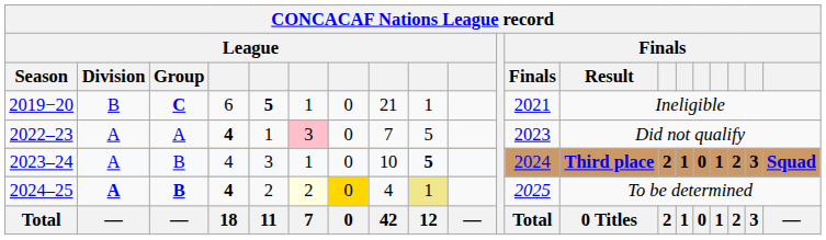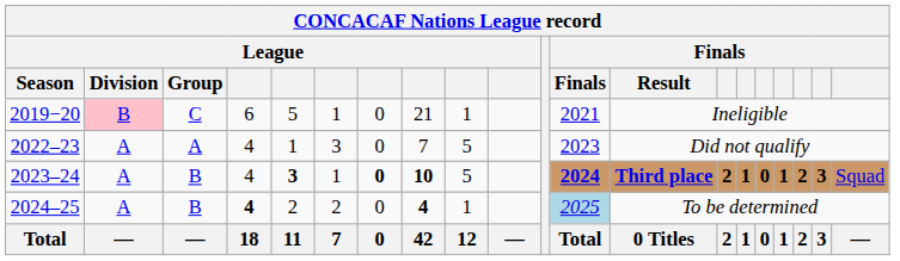 <table class="wikitable" style="text-align: center;">
 <tr>
 <th colspan="20"><a href='#'>CONCACAF Nations League</a> record</th>
 </tr>
 <tr>
 <th colspan="10">League</th>
 <th rowspan="7"></th>
 <th colspan="9">Finals</th>
 </tr>
 <tr>
 <th>Season</th>
 <th>Division</th>
 <th>Group</th>
 <th width="28"></th>
 <th width="28"></th>
 <th width="28"></th>
 <th width="28"></th>
 <th width="28"></th>
 <th width="28"></th>
 <th width="35"></th>
 <th>Finals</th>
 <th>Result</th>
 <th></th>
 <th></th>
 <th></th>
 <th></th>
 <th></th>
 <th></th>
 <th></th>
 </tr>
 <tr>
 <td><a href='#'>2019−20</a></td>
-<td><a href='#'>B</a></td>
-<td><strong><a href='#'>C</a></strong></td>
+<td style="background: pink;"><a href='#'>B</a></td>
+<td><a href='#'>C</a></td>
 <td>6</td>
-<td><strong>5</strong></td>
+<td>5</td>
 <td>1</td>
 <td>0</td>
 <td>21</td>
 <td>1</td>
 <td></td>
 <td> <a href='#'>2021</a></td>
 <td colspan="8"><em>Ineligible</em></td>
 </tr>
 <tr>
 <td><a href='#'>2022–23</a></td>
 <td><a href='#'>A</a></td>
 <td><a href='#'>A</a></td>
-<td><strong>4</strong></td>
+<td>4</td>
 <td>1</td>
-<td style="background: pink;">3</td>
+<td>3</td>
 <td>0</td>
 <td>7</td>
 <td>5</td>
 <td></td>
 <td> <a href='#'>2023</a></td>
 <td colspan="8"><em>Did not qualify</em></td>
 </tr>
 <tr style="background:#c96;">
 <td bgcolor="#f8f9fa"><a href='#'>2023–24</a></td>
 <td bgcolor="#f8f9fa"><a href='#'>A</a></td>
 <td bgcolor="#f8f9fa"><a href='#'>B</a></td>
 <td bgcolor="#f8f9fa">4</td>
-<td bgcolor="#f8f9fa">3</td>
+<td bgcolor="#f8f9fa"><strong>3</strong></td>
 <td bgcolor="#f8f9fa">1</td>
-<td bgcolor="#f8f9fa">0</td>
-<td bgcolor="#f8f9fa">10</td>
-<td bgcolor="#f8f9fa"><strong>5</strong></td>
+<td bgcolor="#f8f9fa"><strong>0</strong></td>
+<td bgcolor="#f8f9fa"><strong>10</strong></td>
+<td bgcolor="#f8f9fa">5</td>
 <td bgcolor="#f8f9fa"></td>
-<td> <a href='#'>2024</a></td>
+<td><strong> <a href='#'>2024</a></strong></td>
 <td><strong><a href='#'>Third place</a></strong></td>
 <td><strong>2</strong></td>
 <td><strong>1</strong></td>
 <td><strong>0</strong></td>
 <td><strong>1</strong></td>
 <td><strong>2</strong></td>
 <td><strong>3</strong></td>
-<td><strong><a href='#'>Squad</a></strong></td>
+<td><a href='#'>Squad</a></td>
 </tr>
 <tr>
 <td><a href='#'>2024–25</a></td>
-<td><strong><a href='#'>A</a></strong></td>
-<td><strong><a href='#'>B</a></strong></td>
+<td><a href='#'>A</a></td>
+<td><a href='#'>B</a></td>
 <td><strong>4</strong></td>
 <td>2</td>
-<td style="background: lightyellow;">2</td>
-<td style="background: gold;">0</td>
-<td>4</td>
-<td style="background: khaki;">1</td>
+<td>2</td>
+<td>0</td>
+<td><strong>4</strong></td>
+<td>1</td>
 <td></td>
-<td> <a href='#'><em>2025</em></a></td>
+<td style="background: lightblue;"> <a href='#'><em>2025</em></a></td>
 <td colspan="8"><em>To be determined</em></td>
 </tr>
 <tr>
 <th>Total</th>
 <th><strong>—</strong></th>
 <th><strong>—</strong></th>
 <th>18</th>
 <th>11</th>
 <th>7</th>
 <th>0</th>
 <th>42</th>
 <th>12</th>
 <th><strong>—</strong></th>
 <th>Total</th>
 <th>0 Titles</th>
 <th>2</th>
 <th>1</th>
 <th>0</th>
 <th>1</th>
 <th>2</th>
 <th>3</th>
 <th><strong>—</strong></th>
 </tr>
 </table>
